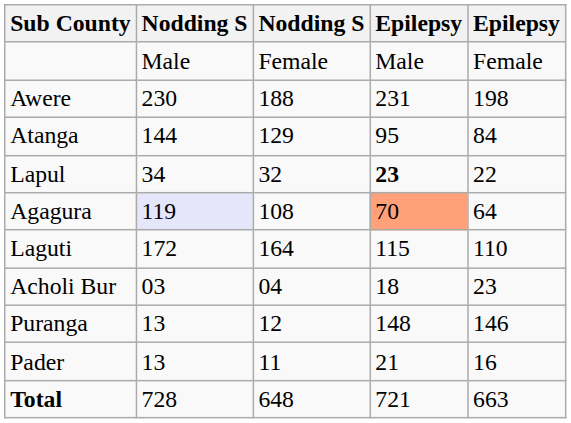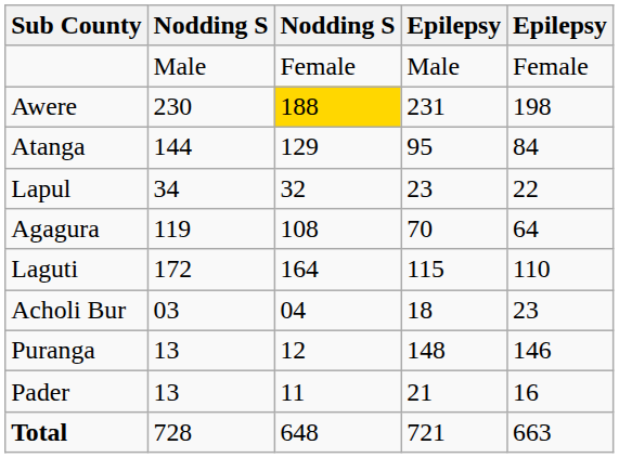 <table class="wikitable">
 <tr>
 <th><strong>Sub County</strong></th>
 <th>Nodding S</th>
 <th>Nodding S</th>
 <th>Epilepsy</th>
 <th>Epilepsy</th>
 </tr>
 <tr>
 <td></td>
 <td>Male</td>
 <td>Female</td>
 <td>Male</td>
 <td>Female</td>
 </tr>
 <tr>
 <td>Awere</td>
 <td>230</td>
-<td>188</td>
+<td style="background: gold;">188</td>
 <td>231</td>
 <td>198</td>
 </tr>
 <tr>
 <td>Atanga</td>
 <td>144</td>
 <td>129</td>
 <td>95</td>
 <td>84</td>
 </tr>
 <tr>
 <td>Lapul</td>
 <td>34</td>
 <td>32</td>
-<td><strong>23</strong></td>
+<td>23</td>
 <td>22</td>
 </tr>
 <tr>
 <td>Agagura</td>
-<td style="background: lavender;">119</td>
+<td>119</td>
 <td>108</td>
-<td style="background: lightsalmon;">70</td>
+<td>70</td>
 <td>64</td>
 </tr>
 <tr>
 <td>Laguti</td>
 <td>172</td>
 <td>164</td>
 <td>115</td>
 <td>110</td>
 </tr>
 <tr>
 <td>Acholi Bur</td>
 <td>03</td>
 <td>04</td>
 <td>18</td>
 <td>23</td>
 </tr>
 <tr>
 <td>Puranga</td>
 <td>13</td>
 <td>12</td>
 <td>148</td>
 <td>146</td>
 </tr>
 <tr>
 <td>Pader</td>
 <td>13</td>
 <td>11</td>
 <td>21</td>
 <td>16</td>
 </tr>
 <tr>
 <td><strong>Total</strong></td>
 <td>728</td>
 <td>648</td>
 <td>721</td>
 <td>663</td>
 </tr>
 </table>
